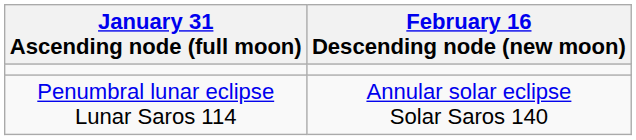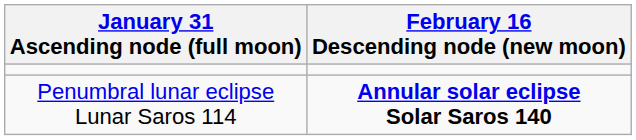 <table class="wikitable">
 <tr>
 <th><a href='#'>January 31</a><br>Ascending node (full moon)<br></th>
 <th><a href='#'>February 16</a><br>Descending node (new moon)<br></th>
 </tr>
 <tr>
 <td></td>
 <td></td>
 </tr>
 <tr align=center>
 <td><a href='#'>Penumbral lunar eclipse</a><br>Lunar Saros 114</td>
-<td><a href='#'>Annular solar eclipse</a><br>Solar Saros 140</td>
+<td><strong><a href='#'>Annular solar eclipse</a><br>Solar Saros 140</strong></td>
 </tr>
 </table>
